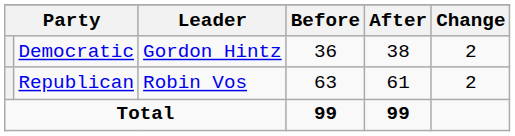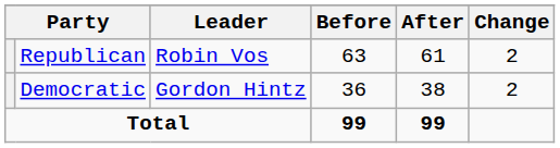 <table class="wikitable" style="text-align:center;">
 <tr>
 </tr>
 <tr>
 <th colspan=2>Party</th>
 <th>Leader</th>
 <th>Before</th>
 <th>After</th>
 <th>Change</th>
 </tr>
 <tr>
 <th style="background-color:"></th>
+<td style="text-align:left;"><a href='#'>Republican</a></td>
+<td style="text-align:left;"><a href='#'>Robin Vos</a></td>
+<td>63</td>
+<td>61</td>
+<td> 2</td>
+</tr>
+<tr>
+<th style="background-color:"></th>
 <td style="text-align:left;"><a href='#'>Democratic</a></td>
 <td style="text-align:left;"><a href='#'>Gordon Hintz</a></td>
 <td>36</td>
 <td>38</td>
-<td> 2</td>
-</tr>
-<tr>
-<th style="background-color:"></th>
-<td style="text-align:left;"><a href='#'>Republican</a></td>
-<td style="text-align:left;"><a href='#'>Robin Vos</a></td>
-<td>63</td>
-<td>61</td>
 <td> 2</td>
 </tr>
 <tr>
 <td colspan=3><strong>Total</strong></td>
 <td><strong>99</strong></td>
 <td><strong>99</strong></td>
 <td></td>
 </tr>
 </table>
